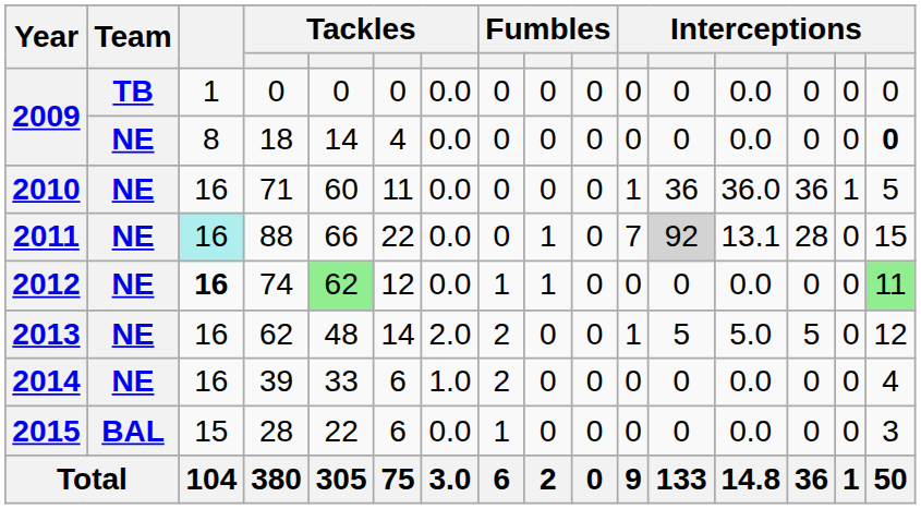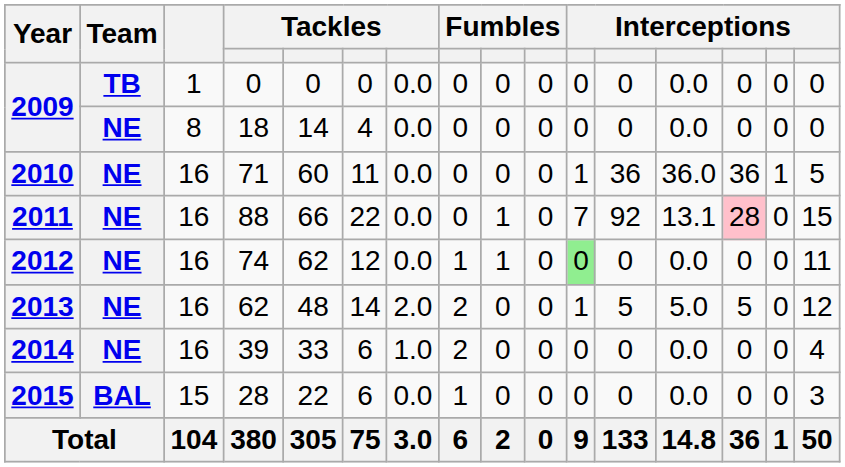 <table class="wikitable" style="text-align:center;">
 <tr>
 <th rowspan="2">Year</th>
 <th rowspan="2">Team</th>
 <th rowspan="2"></th>
 <th colspan="4">Tackles</th>
 <th colspan="3">Fumbles</th>
 <th colspan="6">Interceptions</th>
 </tr>
 <tr>
 <th></th>
 <th></th>
 <th></th>
 <th></th>
 <th></th>
 <th></th>
 <th></th>
 <th></th>
 <th></th>
 <th></th>
 <th></th>
 <th></th>
 <th></th>
 </tr>
 <tr>
 <th rowspan="2"><a href='#'>2009</a></th>
 <th><a href='#'>TB</a></th>
 <td>1</td>
 <td>0</td>
 <td>0</td>
 <td>0</td>
 <td>0.0</td>
 <td>0</td>
 <td>0</td>
 <td>0</td>
 <td>0</td>
 <td>0</td>
 <td>0.0</td>
 <td>0</td>
 <td>0</td>
 <td>0</td>
 </tr>
 <tr>
 <th><a href='#'>NE</a></th>
 <td>8</td>
 <td>18</td>
 <td>14</td>
 <td>4</td>
 <td>0.0</td>
 <td>0</td>
 <td>0</td>
 <td>0</td>
 <td>0</td>
 <td>0</td>
 <td>0.0</td>
 <td>0</td>
 <td>0</td>
-<td><strong>0</strong></td>
+<td>0</td>
 </tr>
 <tr>
 <th><a href='#'>2010</a></th>
 <th><a href='#'>NE</a></th>
 <td>16</td>
 <td>71</td>
 <td>60</td>
 <td>11</td>
 <td>0.0</td>
 <td>0</td>
 <td>0</td>
 <td>0</td>
 <td>1</td>
 <td>36</td>
 <td>36.0</td>
 <td>36</td>
 <td>1</td>
 <td>5</td>
 </tr>
 <tr>
 <th><a href='#'>2011</a></th>
 <th><a href='#'>NE</a></th>
-<td style="background: paleturquoise;">16</td>
+<td>16</td>
 <td>88</td>
 <td>66</td>
 <td>22</td>
 <td>0.0</td>
 <td>0</td>
 <td>1</td>
 <td>0</td>
 <td>7</td>
-<td style="background: lightgrey;">92</td>
+<td>92</td>
 <td>13.1</td>
-<td>28</td>
+<td style="background: pink;">28</td>
 <td>0</td>
 <td>15</td>
 </tr>
 <tr>
 <th><a href='#'>2012</a></th>
 <th><a href='#'>NE</a></th>
-<td><strong>16</strong></td>
+<td>16</td>
 <td>74</td>
-<td style="background: lightgreen;">62</td>
+<td>62</td>
 <td>12</td>
 <td>0.0</td>
 <td>1</td>
 <td>1</td>
 <td>0</td>
-<td>0</td>
+<td style="background: lightgreen;">0</td>
 <td>0</td>
 <td>0.0</td>
 <td>0</td>
 <td>0</td>
-<td style="background: lightgreen;">11</td>
+<td>11</td>
 </tr>
 <tr>
 <th><a href='#'>2013</a></th>
 <th><a href='#'>NE</a></th>
 <td>16</td>
 <td>62</td>
 <td>48</td>
 <td>14</td>
 <td>2.0</td>
 <td>2</td>
 <td>0</td>
 <td>0</td>
 <td>1</td>
 <td>5</td>
 <td>5.0</td>
 <td>5</td>
 <td>0</td>
 <td>12</td>
 </tr>
 <tr>
 <th><a href='#'>2014</a></th>
 <th><a href='#'>NE</a></th>
 <td>16</td>
 <td>39</td>
 <td>33</td>
 <td>6</td>
 <td>1.0</td>
 <td>2</td>
 <td>0</td>
 <td>0</td>
 <td>0</td>
 <td>0</td>
 <td>0.0</td>
 <td>0</td>
 <td>0</td>
 <td>4</td>
 </tr>
 <tr>
 <th><a href='#'>2015</a></th>
 <th><a href='#'>BAL</a></th>
 <td>15</td>
 <td>28</td>
 <td>22</td>
 <td>6</td>
 <td>0.0</td>
 <td>1</td>
 <td>0</td>
 <td>0</td>
 <td>0</td>
 <td>0</td>
 <td>0.0</td>
 <td>0</td>
 <td>0</td>
 <td>3</td>
 </tr>
 <tr>
 <th colspan="2">Total</th>
 <th>104</th>
 <th>380</th>
 <th>305</th>
 <th>75</th>
 <th>3.0</th>
 <th>6</th>
 <th>2</th>
 <th>0</th>
 <th>9</th>
 <th>133</th>
 <th>14.8</th>
 <th>36</th>
 <th>1</th>
 <th>50</th>
 </tr>
 </table>
